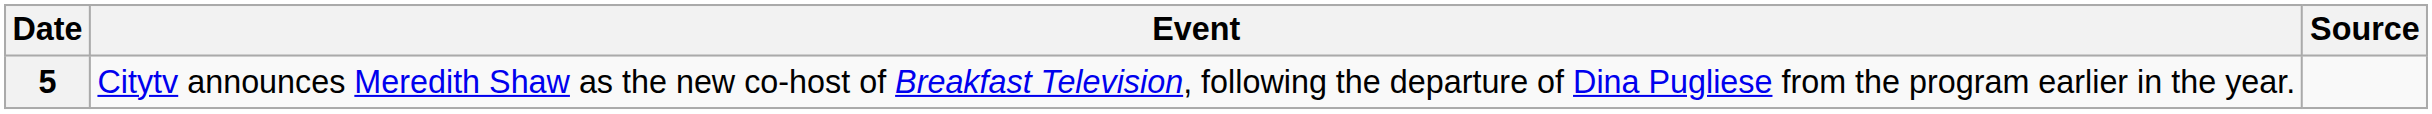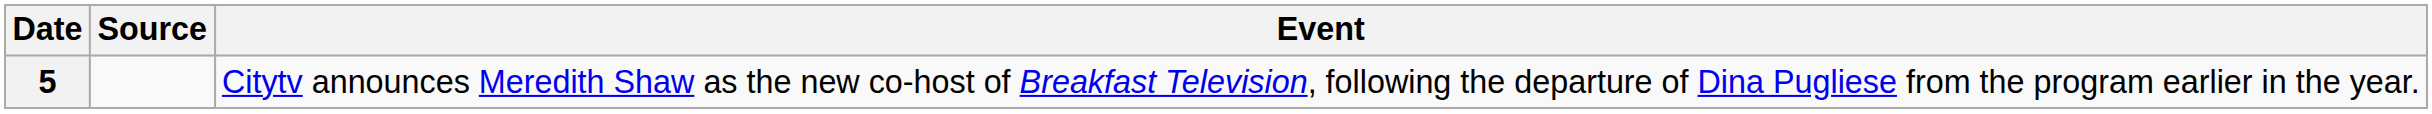 <table class="wikitable">
 <tr>
 <th>Date</th>
+<th>Source</th>
 <th>Event</th>
-<th>Source</th>
 </tr>
 <tr>
 <th>5</th>
+<td></td>
 <td><a href='#'>Citytv</a> announces <a href='#'>Meredith Shaw</a> as the new co-host of <em><a href='#'>Breakfast Television</a></em>, following the departure of <a href='#'>Dina Pugliese</a> from the program earlier in the year.</td>
-<td></td>
 </tr>
 </table>
